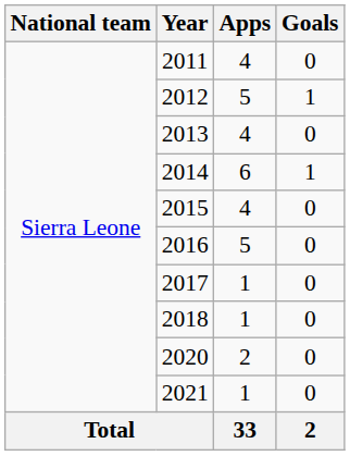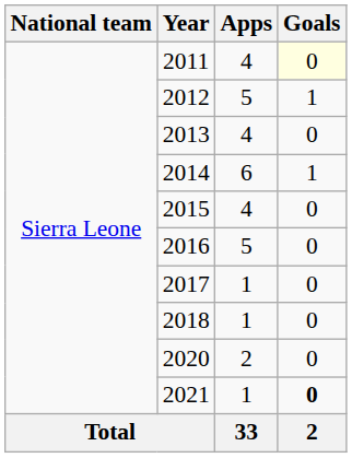 <table class="wikitable" style="text-align:center">
 <tr>
 <th>National team</th>
 <th>Year</th>
 <th>Apps</th>
 <th>Goals</th>
 </tr>
 <tr>
 <td rowspan="10"><a href='#'>Sierra Leone</a></td>
 <td>2011</td>
 <td>4</td>
-<td>0</td>
+<td style="background: lightyellow;">0</td>
 </tr>
 <tr>
 <td>2012</td>
 <td>5</td>
 <td>1</td>
 </tr>
 <tr>
 <td>2013</td>
 <td>4</td>
 <td>0</td>
 </tr>
 <tr>
 <td>2014</td>
 <td>6</td>
 <td>1</td>
 </tr>
 <tr>
 <td>2015</td>
 <td>4</td>
 <td>0</td>
 </tr>
 <tr>
 <td>2016</td>
 <td>5</td>
 <td>0</td>
 </tr>
 <tr>
 <td>2017</td>
 <td>1</td>
 <td>0</td>
 </tr>
 <tr>
 <td>2018</td>
 <td>1</td>
 <td>0</td>
 </tr>
 <tr>
 <td>2020</td>
 <td>2</td>
 <td>0</td>
 </tr>
 <tr>
 <td>2021</td>
 <td>1</td>
-<td>0</td>
+<td><strong>0</strong></td>
 </tr>
 <tr>
 <th colspan="2">Total</th>
 <th>33</th>
 <th>2</th>
 </tr>
 </table>
